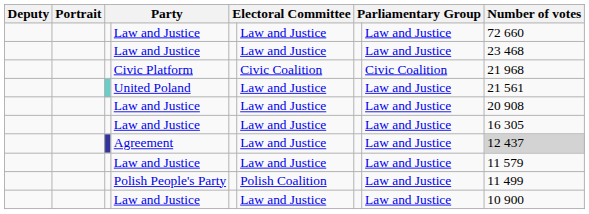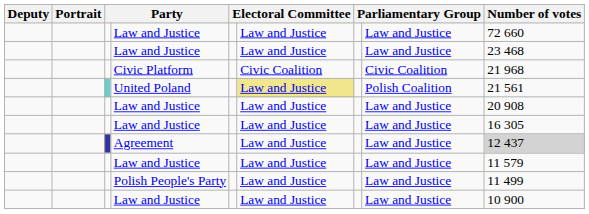 <table class="wikitable sortable" style="font-size:95%;line-height:14px;">
 <tr>
 <th>Deputy</th>
 <th>Portrait</th>
 <th colspan="2">Party</th>
 <th colspan="2">Electoral Committee</th>
 <th colspan="2">Parliamentary Group</th>
 <th>Number of votes</th>
 </tr>
 <tr>
 <td></td>
 <td></td>
 <td style="background:"></td>
 <td><a href='#'>Law and Justice</a></td>
 <td style="background:"></td>
 <td><a href='#'>Law and Justice</a></td>
 <td style="background:"></td>
 <td><a href='#'>Law and Justice</a></td>
 <td>72 660</td>
 </tr>
 <tr>
 <td></td>
 <td></td>
 <td style="background:"></td>
 <td><a href='#'>Law and Justice</a></td>
 <td style="background:"></td>
 <td><a href='#'>Law and Justice</a></td>
 <td style="background:"></td>
 <td><a href='#'>Law and Justice</a></td>
 <td>23 468</td>
 </tr>
 <tr>
 <td></td>
 <td></td>
 <td style="background:"></td>
 <td><a href='#'>Civic Platform</a></td>
 <td style="background:"></td>
 <td><a href='#'>Civic Coalition</a></td>
 <td style="background:"></td>
 <td><a href='#'>Civic Coalition</a></td>
 <td>21 968</td>
 </tr>
 <tr>
 <td></td>
 <td></td>
 <td style="background:#6acec8;"></td>
 <td><a href='#'>United Poland</a></td>
 <td style="background:"></td>
-<td><a href='#'>Law and Justice</a></td>
+<td style="background: khaki;"><a href='#'>Law and Justice</a></td>
 <td style="background:"></td>
-<td><a href='#'>Law and Justice</a></td>
+<td><a href='#'>Polish Coalition</a></td>
 <td>21 561</td>
 </tr>
 <tr>
 <td></td>
 <td></td>
 <td style="background:"></td>
 <td><a href='#'>Law and Justice</a></td>
 <td style="background:"></td>
 <td><a href='#'>Law and Justice</a></td>
 <td style="background:"></td>
 <td><a href='#'>Law and Justice</a></td>
 <td>20 908</td>
 </tr>
 <tr>
 <td></td>
 <td></td>
 <td style="background:"></td>
 <td><a href='#'>Law and Justice</a></td>
 <td style="background:"></td>
 <td><a href='#'>Law and Justice</a></td>
 <td style="background:"></td>
 <td><a href='#'>Law and Justice</a></td>
 <td>16 305</td>
 </tr>
 <tr>
 <td></td>
 <td></td>
 <td style="background:#333399;"></td>
 <td><a href='#'>Agreement</a></td>
 <td style="background:"></td>
 <td><a href='#'>Law and Justice</a></td>
 <td style="background:"></td>
 <td><a href='#'>Law and Justice</a></td>
 <td style="background: lightgrey;">12 437</td>
 </tr>
 <tr>
 <td></td>
 <td></td>
 <td style="background:"></td>
 <td><a href='#'>Law and Justice</a></td>
 <td style="background:"></td>
 <td><a href='#'>Law and Justice</a></td>
 <td style="background:"></td>
 <td><a href='#'>Law and Justice</a></td>
 <td>11 579</td>
 </tr>
 <tr>
 <td></td>
 <td></td>
 <td style="background:"></td>
 <td><a href='#'>Polish People's Party</a></td>
 <td style="background:"></td>
-<td><a href='#'>Polish Coalition</a></td>
+<td><a href='#'>Law and Justice</a></td>
 <td style="background:"></td>
 <td><a href='#'>Law and Justice</a></td>
 <td>11 499</td>
 </tr>
 <tr>
 <td></td>
 <td></td>
 <td style="background:"></td>
 <td><a href='#'>Law and Justice</a></td>
 <td style="background:"></td>
 <td><a href='#'>Law and Justice</a></td>
 <td style="background:"></td>
 <td><a href='#'>Law and Justice</a></td>
 <td>10 900</td>
 </tr>
 </table>
